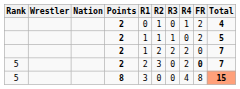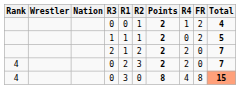 <table class="wikitable sortable" style="text-align:center;">
 <tr>
 <th>Rank</th>
 <th>Wrestler</th>
 <th>Nation</th>
-<th>Points</th>
+<th>R3</th>
 <th>R1</th>
 <th>R2</th>
-<th>R3</th>
+<th>Points</th>
 <th>R4</th>
 <th>FR</th>
 <th>Total</th>
 </tr>
 <tr>
 <td></td>
 <td align=left></td>
 <td align=left></td>
-<td><strong>2</strong></td>
+<td>0</td>
 <td>0</td>
 <td>1</td>
-<td>0</td>
+<td><strong>2</strong></td>
 <td>1</td>
 <td>2</td>
 <td><strong>4</strong></td>
 </tr>
 <tr>
 <td></td>
 <td align=left></td>
 <td align=left></td>
-<td><strong>2</strong></td>
 <td>1</td>
 <td>1</td>
 <td>1</td>
+<td><strong>2</strong></td>
 <td>0</td>
 <td>2</td>
 <td><strong>5</strong></td>
 </tr>
 <tr>
 <td></td>
 <td align=left></td>
 <td align=left></td>
-<td><strong>2</strong></td>
+<td>2</td>
 <td>1</td>
 <td>2</td>
-<td>2</td>
+<td><strong>2</strong></td>
 <td>2</td>
 <td>0</td>
 <td><strong>7</strong></td>
 </tr>
 <tr>
-<td>5</td>
+<td>4</td>
 <td align=left></td>
 <td align=left></td>
+<td>0</td>
+<td>2</td>
+<td>3</td>
 <td><strong>2</strong></td>
 <td>2</td>
-<td>3</td>
 <td>0</td>
-<td>2</td>
-<td><strong>0</strong></td>
 <td><strong>7</strong></td>
 </tr>
 <tr>
-<td>5</td>
+<td>4</td>
 <td align=left></td>
 <td align=left></td>
-<td><strong>8</strong></td>
+<td>0</td>
 <td>3</td>
 <td>0</td>
-<td>0</td>
+<td><strong>8</strong></td>
 <td>4</td>
 <td>8</td>
 <td style="background: lightsalmon;"><strong>15</strong></td>
 </tr>
 </table>
